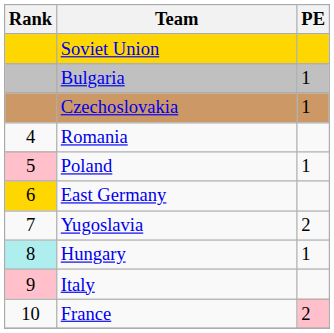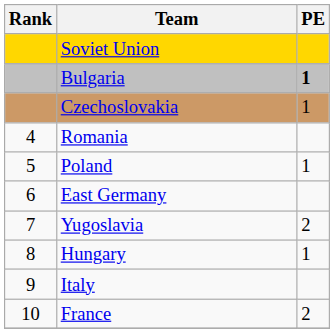 <table class="wikitable">
 <tr>
 <th>Rank</th>
 <th width=200>Team</th>
 <th width=20>PE</th>
 </tr>
 <tr bgcolor=gold>
 <td align=center></td>
 <td> <a href='#'>Soviet Union</a></td>
 <td></td>
 </tr>
 <tr bgcolor=silver>
 <td align=center></td>
 <td> <a href='#'>Bulgaria</a></td>
-<td>1</td>
+<td><strong>1</strong></td>
 </tr>
 <tr bgcolor=cc9966>
 <td align=center></td>
 <td> <a href='#'>Czechoslovakia</a></td>
 <td>1</td>
 </tr>
 <tr>
 <td align=center>4</td>
 <td> <a href='#'>Romania</a></td>
 <td></td>
 </tr>
 <tr>
-<td align=center style="background: pink;">5</td>
+<td align=center>5</td>
 <td> <a href='#'>Poland</a></td>
 <td>1</td>
 </tr>
 <tr>
-<td align=center style="background: gold;">6</td>
+<td align=center>6</td>
 <td> <a href='#'>East Germany</a></td>
 <td></td>
 </tr>
 <tr>
 <td align=center>7</td>
 <td> <a href='#'>Yugoslavia</a></td>
 <td>2</td>
 </tr>
 <tr>
-<td align=center style="background: paleturquoise;">8</td>
+<td align=center>8</td>
 <td> <a href='#'>Hungary</a></td>
 <td>1</td>
 </tr>
 <tr>
-<td align=center style="background: pink;">9</td>
+<td align=center>9</td>
 <td> <a href='#'>Italy</a></td>
 <td></td>
 </tr>
 <tr>
 <td align=center>10</td>
 <td> <a href='#'>France</a></td>
-<td style="background: pink;">2</td>
+<td>2</td>
 </tr>
 <tr>
 </tr>
 </table>
